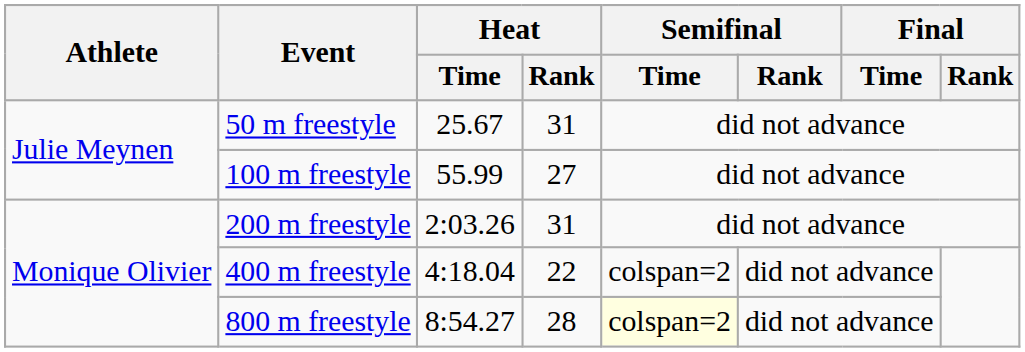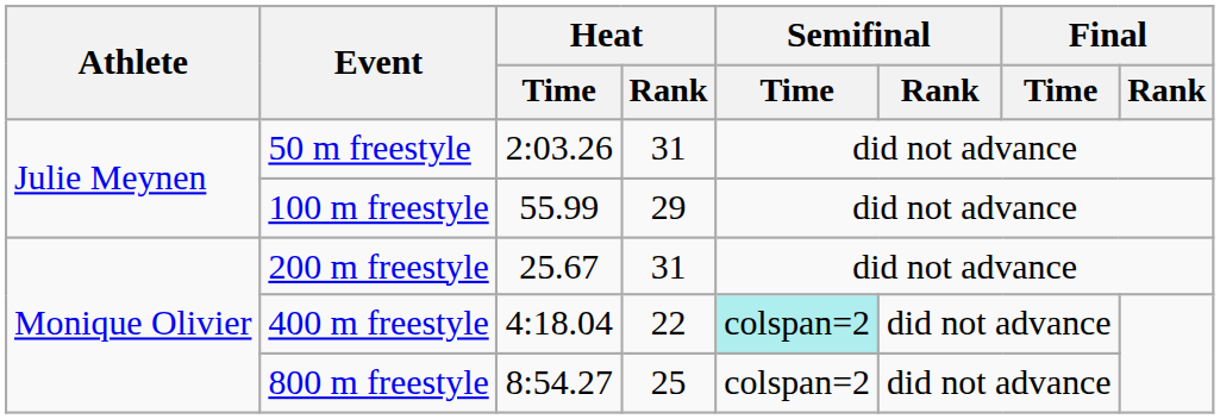 <table class=wikitable style="font-size:90%">
 <tr>
 <th rowspan="2">Athlete</th>
 <th rowspan="2">Event</th>
 <th colspan="2">Heat</th>
 <th colspan="2">Semifinal</th>
 <th colspan="2">Final</th>
 </tr>
 <tr style="font-size:95%">
 <th>Time</th>
 <th>Rank</th>
 <th>Time</th>
 <th>Rank</th>
 <th>Time</th>
 <th>Rank</th>
 </tr>
 <tr align=center>
 <td align=left rowspan=2><a href='#'>Julie Meynen</a></td>
 <td align=left><a href='#'>50 m freestyle</a></td>
-<td>25.67</td>
+<td>2:03.26</td>
 <td>31</td>
 <td colspan=4>did not advance</td>
 </tr>
 <tr align=center>
 <td align=left><a href='#'>100 m freestyle</a></td>
 <td>55.99</td>
-<td>27</td>
+<td>29</td>
 <td colspan=4>did not advance</td>
 </tr>
 <tr align=center>
 <td align=left rowspan=3><a href='#'>Monique Olivier</a></td>
 <td align=left><a href='#'>200 m freestyle</a></td>
-<td>2:03.26</td>
+<td>25.67</td>
 <td>31</td>
 <td colspan=4>did not advance</td>
 </tr>
 <tr align=center>
 <td align=left><a href='#'>400 m freestyle</a></td>
 <td>4:18.04</td>
 <td>22</td>
-<td>colspan=2 </td>
+<td style="background: paleturquoise;">colspan=2 </td>
 <td colspan=2>did not advance</td>
 </tr>
 <tr align=center>
 <td align=left><a href='#'>800 m freestyle</a></td>
 <td>8:54.27</td>
-<td>28</td>
-<td style="background: lightyellow;">colspan=2 </td>
+<td>25</td>
+<td>colspan=2 </td>
 <td colspan=2>did not advance</td>
 </tr>
 </table>
